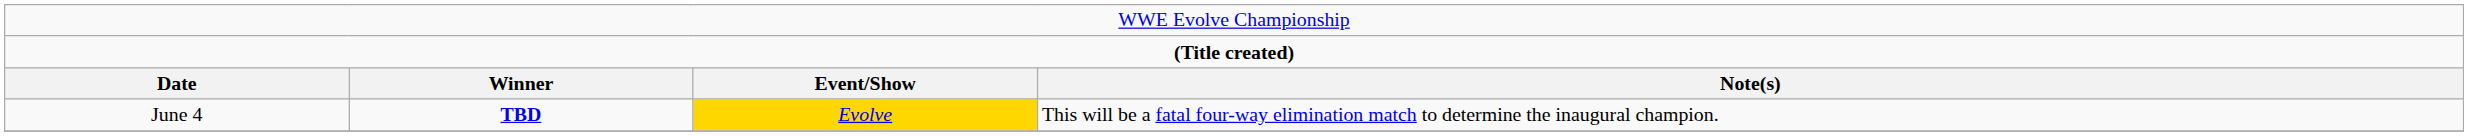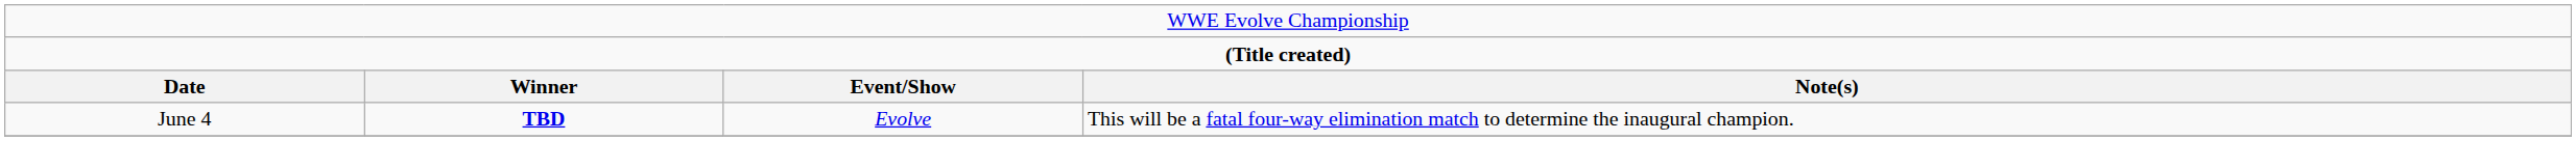 <table class="wikitable" style="text-align:center; width:100%;">
 <tr>
 <td colspan="4" style="text-align: center;"><a href='#'>WWE Evolve Championship</a></td>
 </tr>
 <tr>
 <td colspan="4" style="text-align: center;"><strong>(Title created)</strong></td>
 </tr>
 <tr>
 <th width="14%">Date</th>
 <th width="14%">Winner</th>
 <th width="14%">Event/Show</th>
 <th width="58%">Note(s)</th>
 </tr>
 <tr>
 <td>June 4</td>
 <td><strong><a href='#'>TBD</a></strong></td>
-<td style="background: gold;"><em><a href='#'>Evolve</a></em></td>
+<td><em><a href='#'>Evolve</a></em></td>
 <td align=left>This will be a <a href='#'>fatal four-way elimination match</a> to determine the inaugural champion.</td>
 </tr>
 <tr>
 </tr>
 </table>
